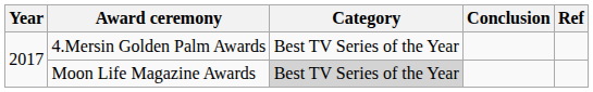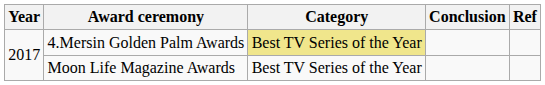 <table class="wikitable">
 <tr>
 <th>Year</th>
 <th>Award ceremony</th>
 <th>Category</th>
 <th>Conclusion</th>
 <th>Ref</th>
 </tr>
 <tr>
 <td rowspan="2">2017</td>
 <td>4.Mersin Golden Palm Awards</td>
-<td>Best TV Series of the Year</td>
+<td style="background: khaki;">Best TV Series of the Year</td>
 <td></td>
 <td></td>
 </tr>
 <tr>
 <td>Moon Life Magazine Awards</td>
-<td style="background: lightgrey;">Best TV Series of the Year</td>
+<td>Best TV Series of the Year</td>
 <td></td>
 <td></td>
 </tr>
 </table>
